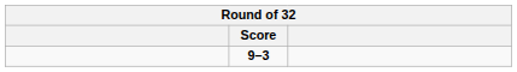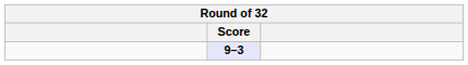 <table class="wikitable" style="text-align: center;">
 <tr>
 <th colspan=3>Round of 32</th>
 </tr>
 <tr>
 <th align="right" width="270"></th>
 <th width="65">Score</th>
 <th align="left" width="270"></th>
 </tr>
 <tr>
 <td align=left><strong></strong></td>
-<td align=center><strong>9–3</strong></td>
+<td align=center style="background: lavender;"><strong>9–3</strong></td>
 <td align=left></td>
 </tr>
 </table>
